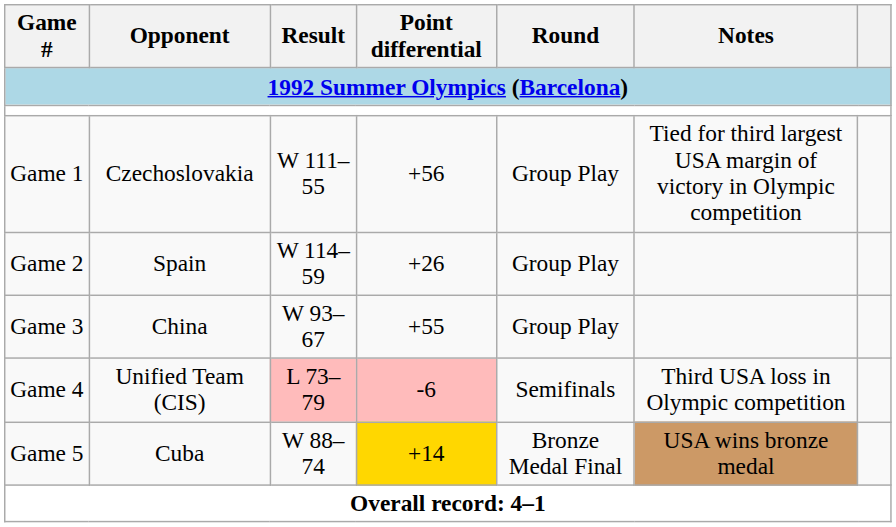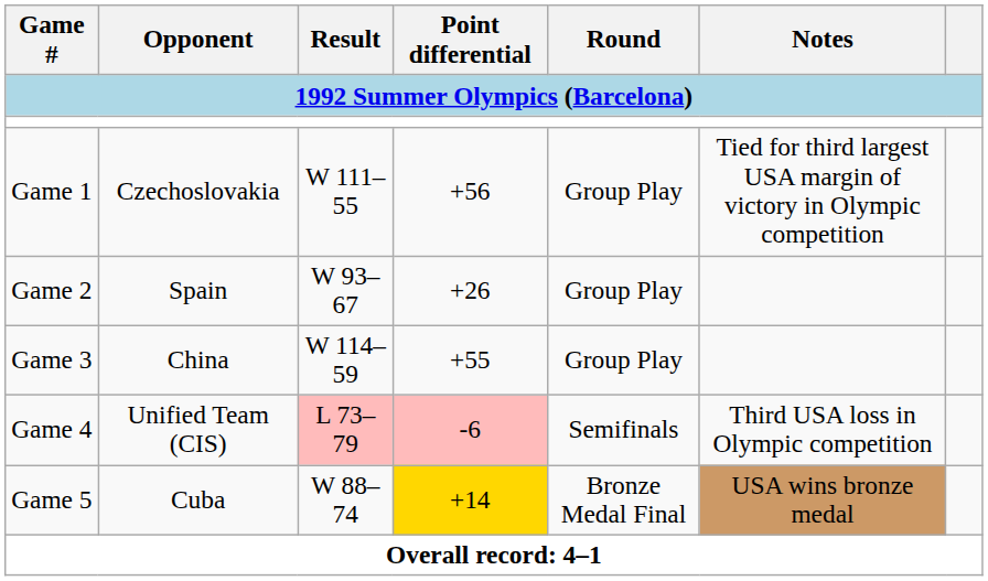 <table class="wikitable">
 <tr>
 <th width=6%>Game #</th>
 <th width=10%>Opponent</th>
 <th width=05%>Result</th>
 <th width=8%>Point differential</th>
 <th width=12%>Round</th>
 <th width=20%>Notes</th>
 <th width=3%></th>
 </tr>
 <tr>
 <td colspan="7"  style="text-align:center; background:lightblue;"><span><strong><a href='#'>1992 Summer Olympics</a> (<a href='#'>Barcelona</a>)</strong></span></td>
 </tr>
 <tr>
 <td colspan="7"  style="text-align:center; background:white;"></td>
 </tr>
 <tr>
 <td align=center>Game 1</td>
 <td align=center>Czechoslovakia</td>
 <td align=center>W 111–55</td>
 <td align=center>+56</td>
 <td align=center>Group Play</td>
 <td align=center>Tied for third largest USA margin of victory in Olympic competition</td>
 <td align=center></td>
 </tr>
 <tr>
 <td align=center>Game 2</td>
 <td align=center>Spain</td>
-<td align=center>W 114–59</td>
+<td align=center>W 93–67</td>
 <td align=center>+26</td>
 <td align=center>Group Play</td>
 <td align=center></td>
 <td align=center></td>
 </tr>
 <tr>
 <td align=center>Game 3</td>
 <td align=center>China</td>
-<td align=center>W 93–67</td>
+<td align=center>W 114–59</td>
 <td align=center>+55</td>
 <td align=center>Group Play</td>
 <td align=center></td>
 <td align=center></td>
 </tr>
 <tr>
 <td align=center>Game 4</td>
 <td align=center>Unified Team (CIS)</td>
 <td style="text-align:center; background:#fbb;">L 73–79</td>
 <td style="text-align:center; background:#fbb;">-6</td>
 <td align=center>Semifinals</td>
 <td align=center>Third USA loss in Olympic competition</td>
 <td align=center></td>
 </tr>
 <tr>
 <td align=center>Game 5</td>
 <td align=center>Cuba</td>
 <td align=center>W 88–74</td>
 <td align=center style="background: gold;">+14</td>
 <td align=center>Bronze Medal Final</td>
 <td style="text-align:center; background:#c96;">USA wins bronze medal</td>
 <td align=center></td>
 </tr>
 <tr>
 <td colspan="7"  style="text-align:center; background:white;"><span><strong>Overall record: 4–1</strong></span></td>
 </tr>
 </table>
